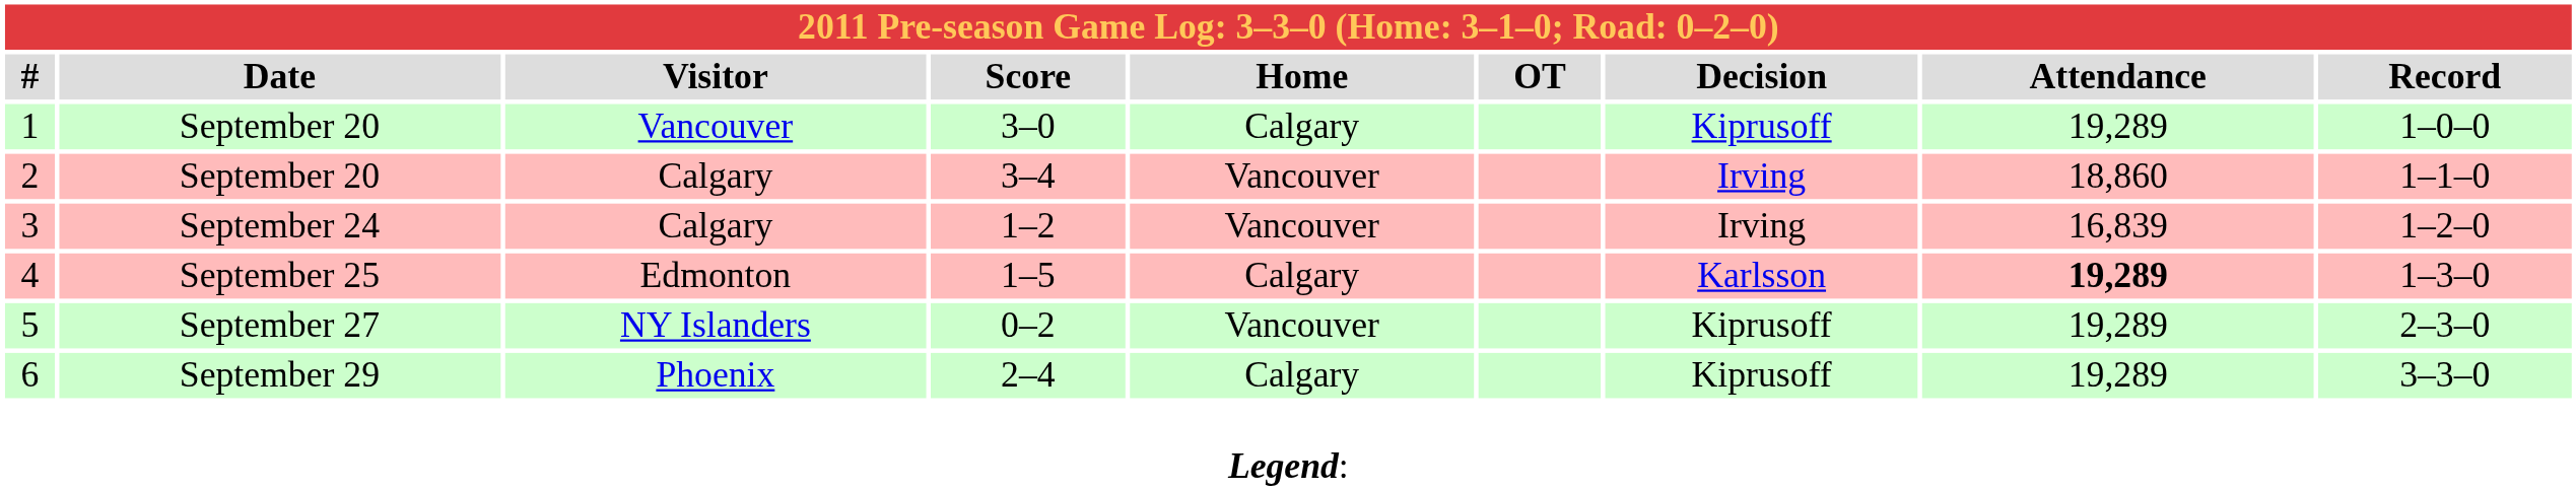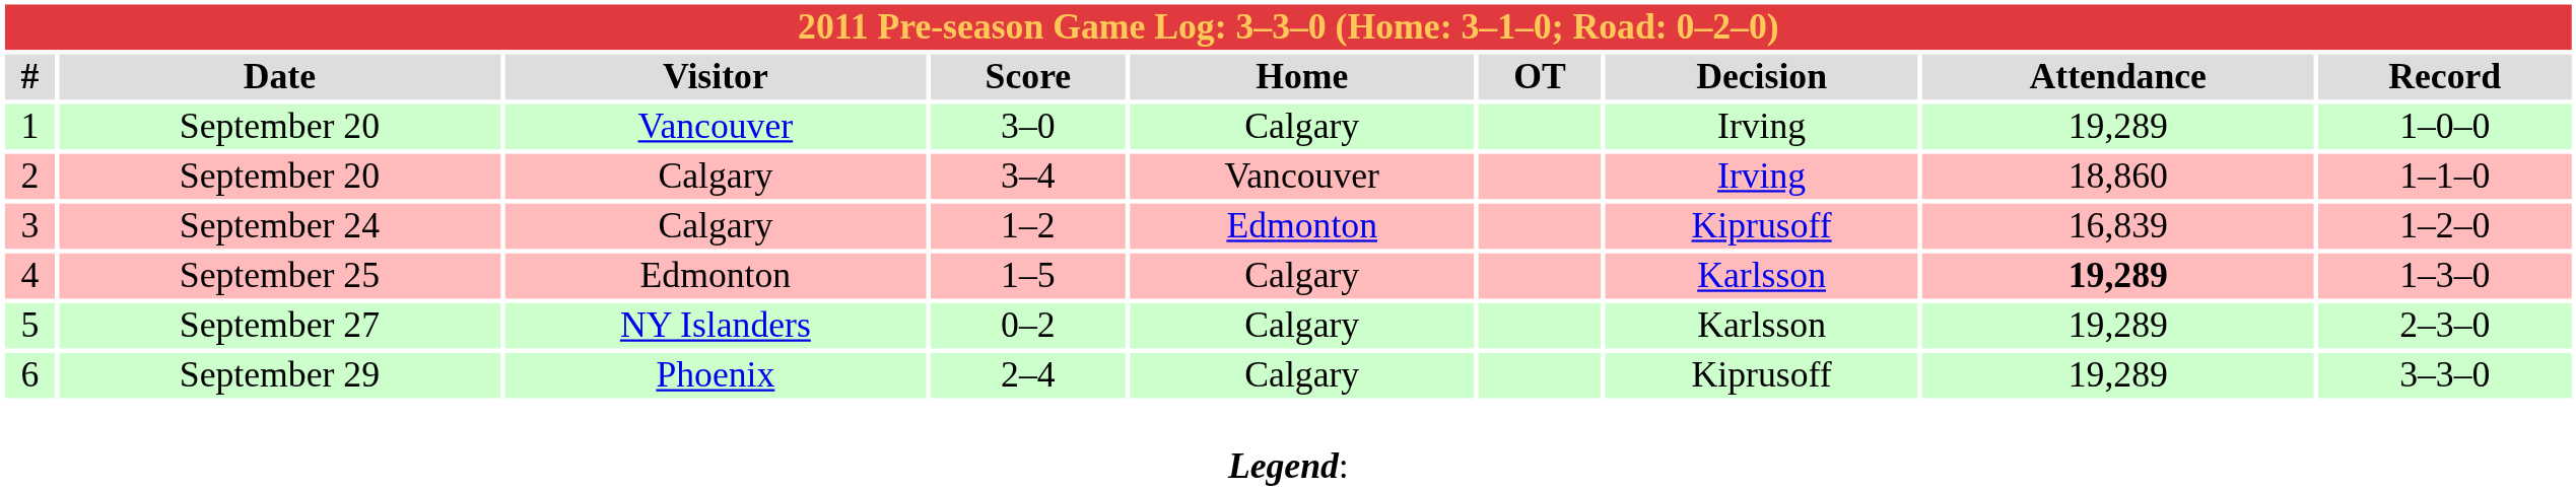 <table class="toccolours collapsible collapsed"  style="width:90%; clear:both; margin:1.5em auto; text-align:center;">
 <tr>
 <th colspan=11 style="background: #E13A3E; color:#FFC859;">2011 Pre-season Game Log: 3–3–0 (Home: 3–1–0; Road: 0–2–0)</th>
 </tr>
 <tr style="text-align:center; background:#ddd;">
 <td><strong>#</strong></td>
 <td><strong>Date</strong></td>
 <td><strong>Visitor</strong></td>
 <td><strong>Score</strong></td>
 <td><strong>Home</strong></td>
 <td><strong>OT</strong></td>
 <td><strong>Decision</strong></td>
 <td><strong>Attendance</strong></td>
 <td><strong>Record</strong></td>
 </tr>
 <tr style="background:#cfc;">
 <td>1</td>
 <td>September 20</td>
 <td><a href='#'>Vancouver</a></td>
 <td>3–0</td>
 <td>Calgary</td>
 <td></td>
-<td><a href='#'>Kiprusoff</a></td>
+<td>Irving</td>
 <td>19,289</td>
 <td>1–0–0</td>
 </tr>
 <tr style="background:#fbb;">
 <td>2</td>
 <td>September 20</td>
 <td>Calgary</td>
 <td>3–4</td>
 <td>Vancouver</td>
 <td></td>
 <td><a href='#'>Irving</a></td>
 <td>18,860</td>
 <td>1–1–0</td>
 </tr>
 <tr style="background:#fbb;">
 <td>3</td>
 <td>September 24</td>
 <td>Calgary</td>
 <td>1–2</td>
-<td>Vancouver</td>
+<td><a href='#'>Edmonton</a></td>
 <td></td>
-<td>Irving</td>
+<td><a href='#'>Kiprusoff</a></td>
 <td>16,839</td>
 <td>1–2–0</td>
 </tr>
 <tr style="background:#fbb;">
 <td>4</td>
 <td>September 25</td>
 <td>Edmonton</td>
 <td>1–5</td>
 <td>Calgary</td>
 <td></td>
 <td><a href='#'>Karlsson</a></td>
 <td><strong>19,289</strong></td>
 <td>1–3–0</td>
 </tr>
 <tr style="background:#cfc;">
 <td>5</td>
 <td>September 27</td>
 <td><a href='#'>NY Islanders</a></td>
 <td>0–2</td>
-<td>Vancouver</td>
+<td>Calgary</td>
 <td></td>
-<td>Kiprusoff</td>
+<td>Karlsson</td>
 <td>19,289</td>
 <td>2–3–0</td>
 </tr>
 <tr style="background:#cfc;">
 <td>6</td>
 <td>September 29</td>
 <td><a href='#'>Phoenix</a></td>
 <td>2–4</td>
 <td>Calgary</td>
 <td></td>
 <td>Kiprusoff</td>
 <td>19,289</td>
 <td>3–3–0</td>
 </tr>
 <tr>
 <td colspan="11" style="text-align:center;"><br><strong><em>Legend</em></strong>:   </td>
 </tr>
 </table>
